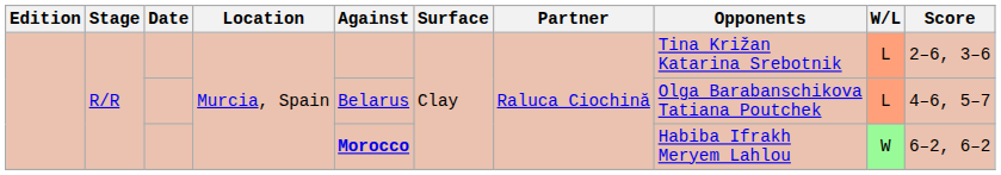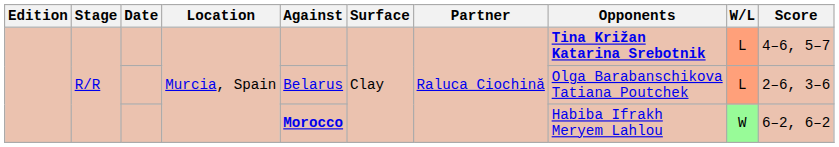 <table class=wikitable style=font-size:97%>
 <tr>
 <th>Edition</th>
 <th>Stage</th>
 <th>Date</th>
 <th>Location</th>
 <th>Against</th>
 <th>Surface</th>
 <th>Partner</th>
 <th>Opponents</th>
 <th>W/L</th>
 <th>Score</th>
 </tr>
 <tr bgcolor="#EBC2AF">
 <td rowspan="3"></td>
 <td rowspan="3"><a href='#'>R/R</a></td>
 <td></td>
 <td rowspan="3"><a href='#'>Murcia</a>, Spain</td>
 <td> </td>
 <td rowspan="3">Clay</td>
 <td rowspan="3"> <a href='#'>Raluca Ciochină</a></td>
-<td> <a href='#'>Tina Križan</a> <br>  <a href='#'>Katarina Srebotnik</a></td>
+<td><strong> <a href='#'>Tina Križan</a> <br>  <a href='#'>Katarina Srebotnik</a></strong></td>
 <td style="text-align:center; background:#ffa07a;">L</td>
-<td>2–6, 3–6</td>
+<td>4–6, 5–7</td>
 </tr>
 <tr bgcolor="#EBC2AF">
 <td></td>
 <td> <a href='#'>Belarus</a></td>
 <td> <a href='#'>Olga Barabanschikova</a> <br>  <a href='#'>Tatiana Poutchek</a></td>
 <td style="text-align:center; background:#ffa07a;">L</td>
-<td>4–6, 5–7</td>
+<td>2–6, 3–6</td>
 </tr>
 <tr bgcolor="#EBC2AF">
 <td></td>
 <td><strong> <a href='#'>Morocco</a></strong></td>
 <td> <a href='#'>Habiba Ifrakh</a> <br>  <a href='#'>Meryem Lahlou</a></td>
 <td style="text-align:center; background:#98fb98;">W</td>
 <td>6–2, 6–2</td>
 </tr>
 </table>
